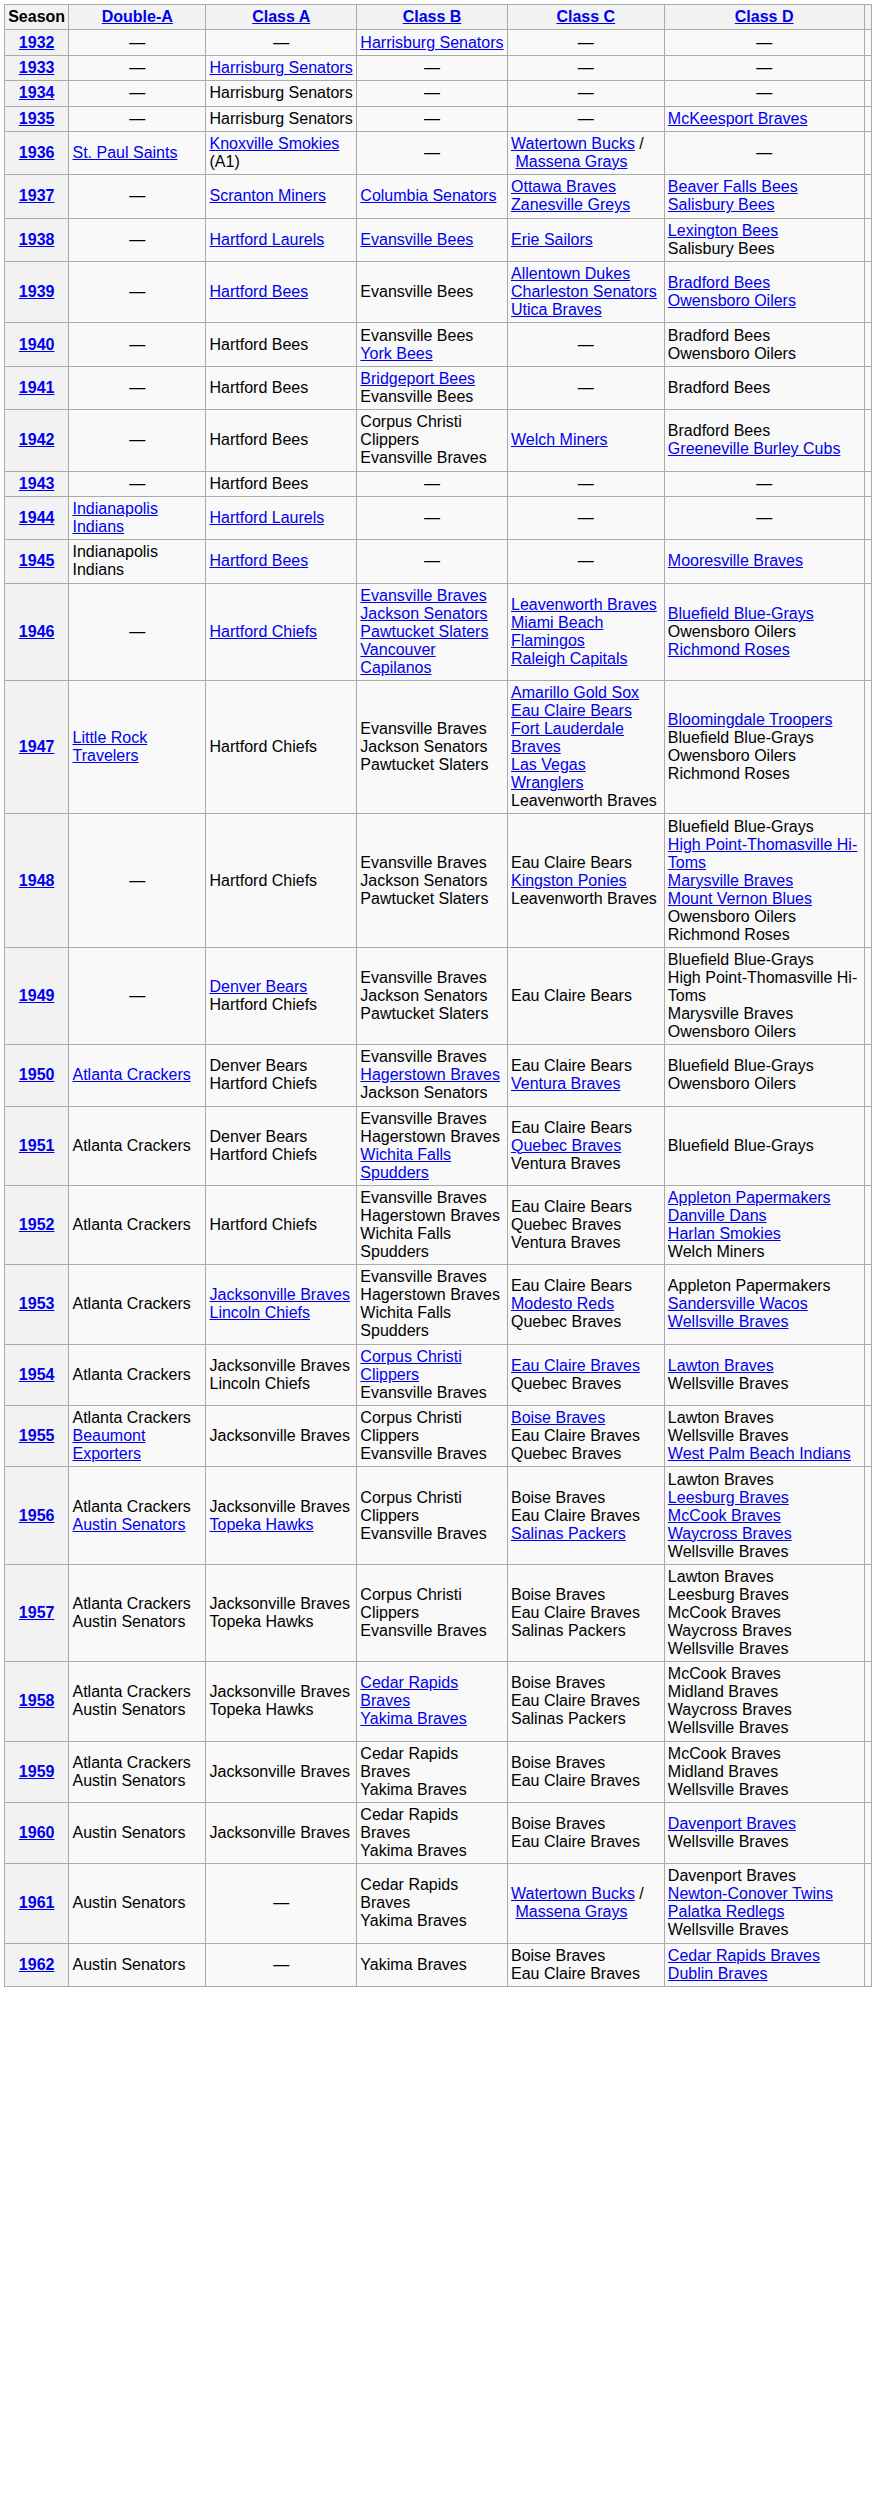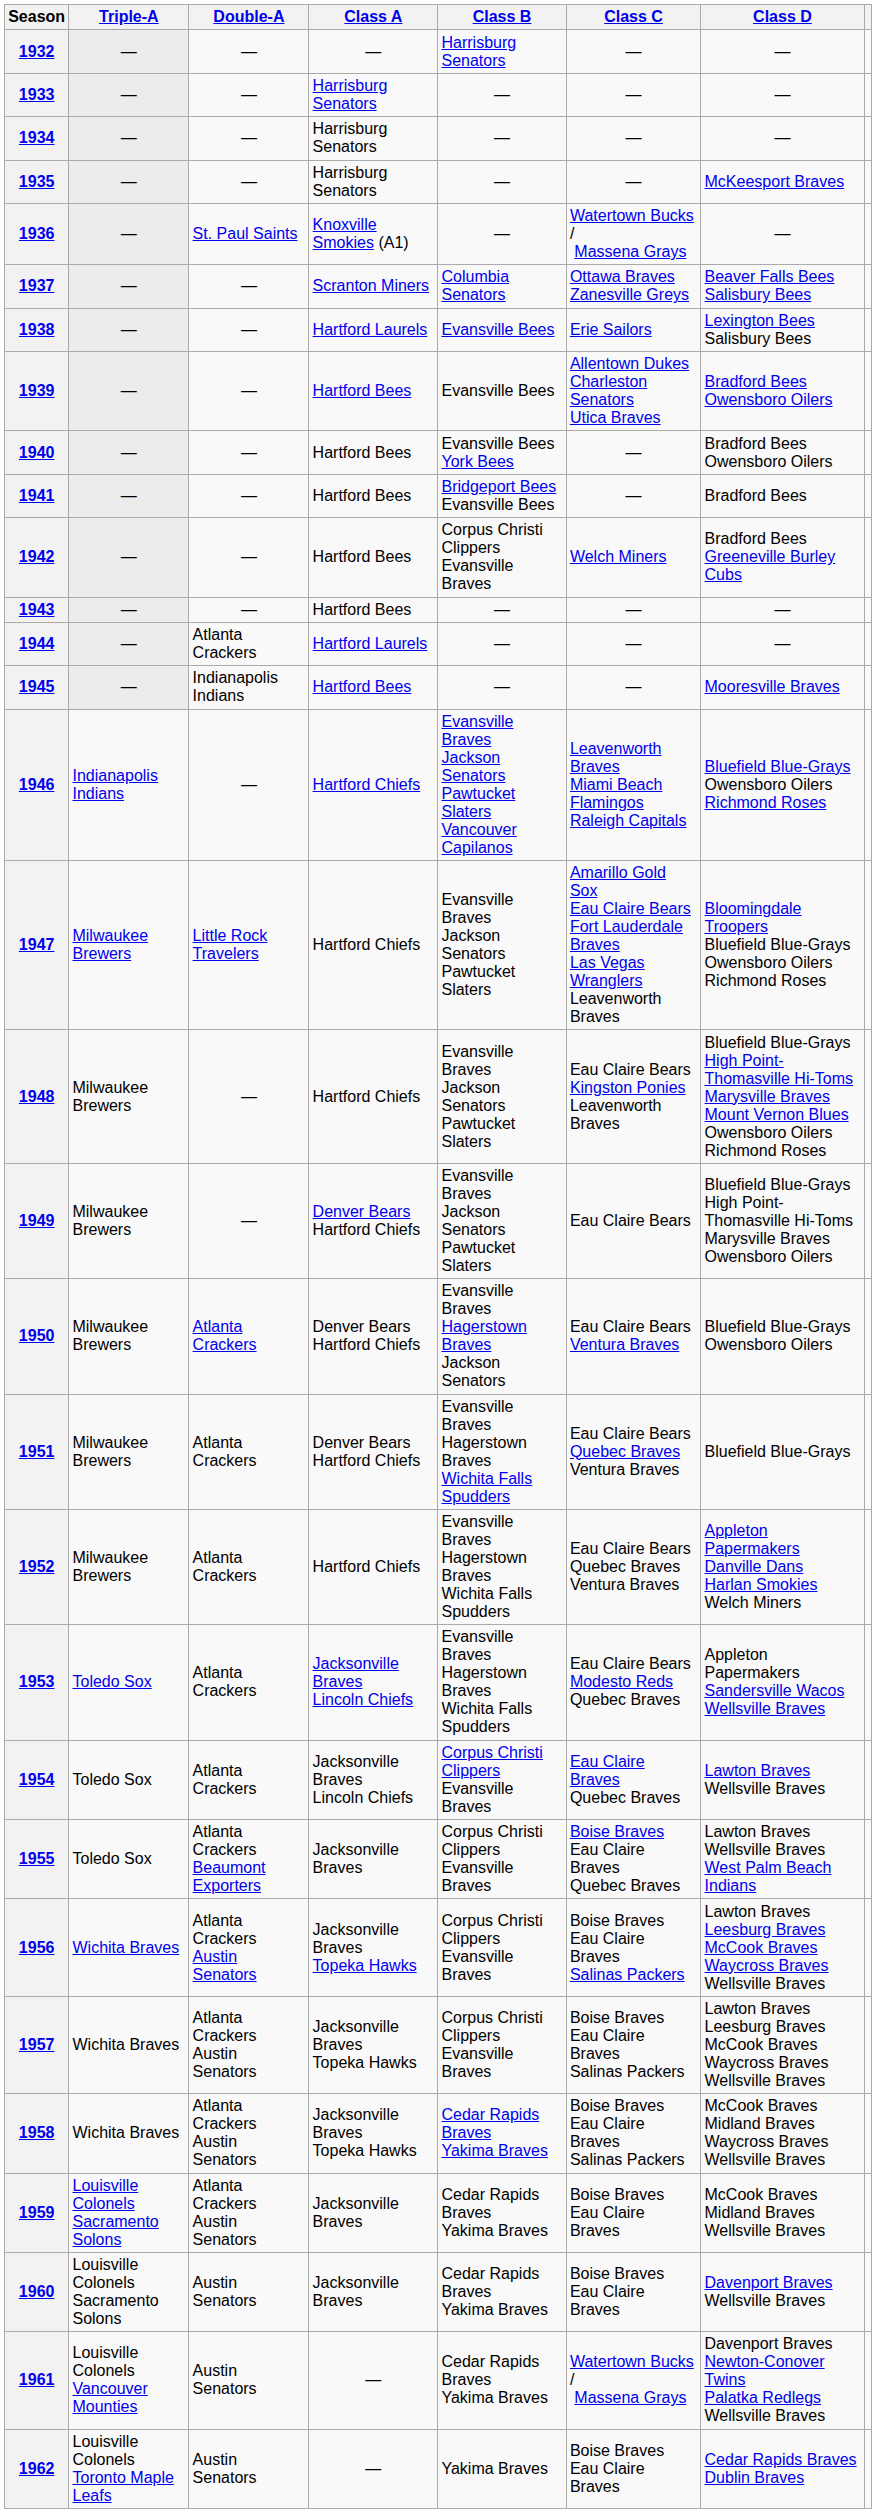 <table class="wikitable plainrowheaders">
 <tr>
 <th scope="col">Season</th>
+<th scope="col"><a href='#'><span>Triple-A</span></a></th>
 <th scope="col"><a href='#'><span>Double-A</span></a></th>
 <th scope="col"><a href='#'><span>Class A</span></a></th>
 <th scope="col"><a href='#'><span>Class B</span></a></th>
 <th scope="col"><a href='#'><span>Class C</span></a></th>
 <th scope="col"><a href='#'><span>Class D</span></a></th>
 <th scope="col"></th>
 </tr>
 <tr>
 <th scope="row" style="text-align:center"><a href='#'>1932</a></th>
+<td style="background:#ececec" align="center">—</td>
 <td align="center">—</td>
 <td align="center">—</td>
 <td><a href='#'>Harrisburg Senators</a></td>
 <td align="center">—</td>
 <td align="center">—</td>
 <td align="center"></td>
 </tr>
 <tr>
 <th scope="row" style="text-align:center"><a href='#'>1933</a></th>
+<td style="background:#ececec" align="center">—</td>
 <td align="center">—</td>
 <td><a href='#'>Harrisburg Senators</a></td>
 <td align="center">—</td>
 <td align="center">—</td>
 <td align="center">—</td>
 <td align="center"></td>
 </tr>
 <tr>
 <th scope="row" style="text-align:center"><a href='#'>1934</a></th>
+<td style="background:#ececec" align="center">—</td>
 <td align="center">—</td>
 <td>Harrisburg Senators</td>
 <td align="center">—</td>
 <td align="center">—</td>
 <td align="center">—</td>
 <td align="center"></td>
 </tr>
 <tr>
 <th scope="row" style="text-align:center"><a href='#'>1935</a></th>
+<td style="background:#ececec" align="center">—</td>
 <td align="center">—</td>
 <td>Harrisburg Senators</td>
 <td align="center">—</td>
 <td align="center">—</td>
 <td><a href='#'>McKeesport Braves</a></td>
 <td align="center"></td>
 </tr>
 <tr>
 <th scope="row" style="text-align:center"><a href='#'>1936</a></th>
+<td style="background:#ececec" align="center">—</td>
 <td><a href='#'>St. Paul Saints</a></td>
 <td><a href='#'>Knoxville Smokies</a> (A1)</td>
 <td align="center">—</td>
 <td><a href='#'>Watertown Bucks</a> /<br> <a href='#'>Massena Grays</a></td>
 <td align="center">—</td>
 <td align="center"></td>
 </tr>
 <tr>
 <th scope="row" style="text-align:center"><a href='#'>1937</a></th>
+<td style="background:#ececec" align="center">—</td>
 <td align="center">—</td>
 <td><a href='#'>Scranton Miners</a></td>
 <td><a href='#'>Columbia Senators</a></td>
 <td><a href='#'>Ottawa Braves</a><br><a href='#'>Zanesville Greys</a></td>
 <td><a href='#'>Beaver Falls Bees</a><br><a href='#'>Salisbury Bees</a></td>
 <td align="center"></td>
 </tr>
 <tr>
 <th scope="row" style="text-align:center"><a href='#'>1938</a></th>
+<td style="background:#ececec" align="center">—</td>
 <td align="center">—</td>
 <td><a href='#'>Hartford Laurels</a></td>
 <td><a href='#'>Evansville Bees</a></td>
 <td><a href='#'>Erie Sailors</a></td>
 <td><a href='#'>Lexington Bees</a><br>Salisbury Bees</td>
 <td align="center"></td>
 </tr>
 <tr>
 <th scope="row" style="text-align:center"><a href='#'>1939</a></th>
+<td style="background:#ececec" align="center">—</td>
 <td align="center">—</td>
 <td><a href='#'>Hartford Bees</a></td>
 <td>Evansville Bees</td>
 <td><a href='#'>Allentown Dukes</a><br><a href='#'>Charleston Senators</a><br><a href='#'>Utica Braves</a></td>
 <td><a href='#'>Bradford Bees</a><br><a href='#'>Owensboro Oilers</a></td>
 <td align="center"></td>
 </tr>
 <tr>
 <th scope="row" style="text-align:center"><a href='#'>1940</a></th>
+<td style="background:#ececec" align="center">—</td>
 <td align="center">—</td>
 <td>Hartford Bees</td>
 <td>Evansville Bees<br><a href='#'>York Bees</a></td>
 <td align="center">—</td>
 <td>Bradford Bees<br>Owensboro Oilers</td>
 <td align="center"></td>
 </tr>
 <tr>
 <th scope="row" style="text-align:center"><a href='#'>1941</a></th>
+<td style="background:#ececec" align="center">—</td>
 <td align="center">—</td>
 <td>Hartford Bees</td>
 <td><a href='#'>Bridgeport Bees</a><br>Evansville Bees</td>
 <td align="center">—</td>
 <td>Bradford Bees</td>
 <td align="center"></td>
 </tr>
 <tr>
 <th scope="row" style="text-align:center"><a href='#'>1942</a></th>
+<td style="background:#ececec" align="center">—</td>
 <td align="center">—</td>
 <td>Hartford Bees</td>
 <td>Corpus Christi Clippers<br>Evansville Braves</td>
 <td><a href='#'>Welch Miners</a></td>
 <td>Bradford Bees<br><a href='#'>Greeneville Burley Cubs</a></td>
 <td align="center"></td>
 </tr>
 <tr>
 <th scope="row" style="text-align:center"><a href='#'>1943</a></th>
+<td style="background:#ececec" align="center">—</td>
 <td align="center">—</td>
 <td>Hartford Bees</td>
 <td align="center">—</td>
 <td align="center">—</td>
 <td align="center">—</td>
 <td align="center"></td>
 </tr>
 <tr>
 <th scope="row" style="text-align:center"><a href='#'>1944</a></th>
-<td><a href='#'>Indianapolis Indians</a></td>
+<td style="background:#ececec" align="center">—</td>
+<td>Atlanta Crackers</td>
 <td><a href='#'>Hartford Laurels</a></td>
 <td align="center">—</td>
 <td align="center">—</td>
 <td align="center">—</td>
 <td align="center"></td>
 </tr>
 <tr>
 <th scope="row" style="text-align:center"><a href='#'>1945</a></th>
+<td style="background:#ececec" align="center">—</td>
 <td>Indianapolis Indians</td>
 <td><a href='#'>Hartford Bees</a></td>
 <td align="center">—</td>
 <td align="center">—</td>
 <td><a href='#'>Mooresville Braves</a></td>
 <td align="center"></td>
 </tr>
 <tr>
 <th scope="row" style="text-align:center"><a href='#'>1946</a></th>
+<td><a href='#'>Indianapolis Indians</a></td>
 <td align="center">—</td>
 <td><a href='#'>Hartford Chiefs</a></td>
 <td><a href='#'>Evansville Braves</a><br><a href='#'>Jackson Senators</a><br><a href='#'>Pawtucket Slaters</a><br><a href='#'>Vancouver Capilanos</a></td>
 <td><a href='#'>Leavenworth Braves</a><br><a href='#'>Miami Beach Flamingos</a><br><a href='#'>Raleigh Capitals</a></td>
 <td><a href='#'>Bluefield Blue-Grays</a><br>Owensboro Oilers<br><a href='#'>Richmond Roses</a></td>
 <td align="center"></td>
 </tr>
 <tr>
 <th scope="row" style="text-align:center"><a href='#'>1947</a></th>
+<td><a href='#'>Milwaukee Brewers</a></td>
 <td><a href='#'>Little Rock Travelers</a></td>
 <td>Hartford Chiefs</td>
 <td>Evansville Braves<br>Jackson Senators<br>Pawtucket Slaters</td>
 <td><a href='#'>Amarillo Gold Sox</a><br><a href='#'>Eau Claire Bears</a><br><a href='#'>Fort Lauderdale Braves</a><br><a href='#'>Las Vegas Wranglers</a><br>Leavenworth Braves</td>
 <td><a href='#'>Bloomingdale Troopers</a><br>Bluefield Blue-Grays<br>Owensboro Oilers<br>Richmond Roses</td>
 <td align="center"></td>
 </tr>
 <tr>
 <th scope="row" style="text-align:center"><a href='#'>1948</a></th>
+<td>Milwaukee Brewers</td>
 <td align="center">—</td>
 <td>Hartford Chiefs</td>
 <td>Evansville Braves<br>Jackson Senators<br>Pawtucket Slaters</td>
 <td>Eau Claire Bears<br><a href='#'>Kingston Ponies</a><br>Leavenworth Braves</td>
 <td>Bluefield Blue-Grays<br><a href='#'>High Point-Thomasville Hi-Toms</a><br><a href='#'>Marysville Braves</a><br><a href='#'>Mount Vernon Blues</a><br>Owensboro Oilers<br>Richmond Roses</td>
 <td align="center"></td>
 </tr>
 <tr>
 <th scope="row" style="text-align:center"><a href='#'>1949</a></th>
+<td>Milwaukee Brewers</td>
 <td align="center">—</td>
 <td><a href='#'>Denver Bears</a><br>Hartford Chiefs</td>
 <td>Evansville Braves<br>Jackson Senators<br>Pawtucket Slaters</td>
 <td>Eau Claire Bears</td>
 <td>Bluefield Blue-Grays<br>High Point-Thomasville Hi-Toms<br>Marysville Braves<br>Owensboro Oilers</td>
 <td align="center"></td>
 </tr>
 <tr>
 <th scope="row" style="text-align:center"><a href='#'>1950</a></th>
+<td>Milwaukee Brewers</td>
 <td><a href='#'>Atlanta Crackers</a></td>
 <td>Denver Bears<br>Hartford Chiefs</td>
 <td>Evansville Braves<br><a href='#'>Hagerstown Braves</a><br>Jackson Senators</td>
 <td>Eau Claire Bears<br><a href='#'>Ventura Braves</a></td>
 <td>Bluefield Blue-Grays<br>Owensboro Oilers</td>
 <td align="center"></td>
 </tr>
 <tr>
 <th scope="row" style="text-align:center"><a href='#'>1951</a></th>
+<td>Milwaukee Brewers</td>
 <td>Atlanta Crackers</td>
 <td>Denver Bears<br>Hartford Chiefs</td>
 <td>Evansville Braves<br>Hagerstown Braves<br><a href='#'>Wichita Falls Spudders</a></td>
 <td>Eau Claire Bears<br><a href='#'>Quebec Braves</a><br>Ventura Braves</td>
 <td>Bluefield Blue-Grays</td>
 <td align="center"></td>
 </tr>
 <tr>
 <th scope="row" style="text-align:center"><a href='#'>1952</a></th>
+<td>Milwaukee Brewers</td>
 <td>Atlanta Crackers</td>
 <td>Hartford Chiefs</td>
 <td>Evansville Braves<br>Hagerstown Braves<br>Wichita Falls Spudders</td>
 <td>Eau Claire Bears<br>Quebec Braves<br>Ventura Braves</td>
 <td><a href='#'>Appleton Papermakers</a><br><a href='#'>Danville Dans</a><br><a href='#'>Harlan Smokies</a><br>Welch Miners</td>
 <td align="center"></td>
 </tr>
 <tr>
 <th scope="row" style="text-align:center"><a href='#'>1953</a></th>
+<td><a href='#'>Toledo Sox</a></td>
 <td>Atlanta Crackers</td>
 <td><a href='#'>Jacksonville Braves</a><br><a href='#'>Lincoln Chiefs</a></td>
 <td>Evansville Braves<br>Hagerstown Braves<br>Wichita Falls Spudders</td>
 <td>Eau Claire Bears<br><a href='#'>Modesto Reds</a><br>Quebec Braves</td>
 <td>Appleton Papermakers<br><a href='#'>Sandersville Wacos</a><br><a href='#'>Wellsville Braves</a></td>
 <td align="center"></td>
 </tr>
 <tr>
 <th scope="row" style="text-align:center"><a href='#'>1954</a></th>
+<td>Toledo Sox</td>
 <td>Atlanta Crackers</td>
 <td>Jacksonville Braves<br>Lincoln Chiefs</td>
 <td><a href='#'>Corpus Christi Clippers</a><br>Evansville Braves</td>
 <td><a href='#'>Eau Claire Braves</a><br>Quebec Braves</td>
 <td><a href='#'>Lawton Braves</a><br>Wellsville Braves</td>
 <td align="center"></td>
 </tr>
 <tr>
 <th scope="row" style="text-align:center"><a href='#'>1955</a></th>
+<td>Toledo Sox</td>
 <td>Atlanta Crackers<br><a href='#'>Beaumont Exporters</a></td>
 <td>Jacksonville Braves</td>
 <td>Corpus Christi Clippers<br>Evansville Braves</td>
 <td><a href='#'>Boise Braves</a><br>Eau Claire Braves<br>Quebec Braves</td>
 <td>Lawton Braves<br>Wellsville Braves<br><a href='#'>West Palm Beach Indians</a></td>
 <td align="center"></td>
 </tr>
 <tr>
 <th scope="row" style="text-align:center"><a href='#'>1956</a></th>
+<td><a href='#'>Wichita Braves</a></td>
 <td>Atlanta Crackers<br><a href='#'>Austin Senators</a></td>
 <td>Jacksonville Braves<br><a href='#'>Topeka Hawks</a></td>
 <td>Corpus Christi Clippers<br>Evansville Braves</td>
 <td>Boise Braves<br>Eau Claire Braves<br><a href='#'>Salinas Packers</a></td>
 <td>Lawton Braves<br><a href='#'>Leesburg Braves</a><br><a href='#'>McCook Braves</a><br><a href='#'>Waycross Braves</a><br>Wellsville Braves</td>
 <td align="center"></td>
 </tr>
 <tr>
 <th scope="row" style="text-align:center"><a href='#'>1957</a></th>
+<td>Wichita Braves</td>
 <td>Atlanta Crackers<br>Austin Senators</td>
 <td>Jacksonville Braves<br>Topeka Hawks</td>
 <td>Corpus Christi Clippers<br>Evansville Braves</td>
 <td>Boise Braves<br>Eau Claire Braves<br>Salinas Packers</td>
 <td>Lawton Braves<br>Leesburg Braves<br>McCook Braves<br>Waycross Braves<br>Wellsville Braves</td>
 <td align="center"></td>
 </tr>
 <tr>
 <th scope="row" style="text-align:center"><a href='#'>1958</a></th>
+<td>Wichita Braves</td>
 <td>Atlanta Crackers<br>Austin Senators</td>
 <td>Jacksonville Braves<br>Topeka Hawks</td>
 <td><a href='#'>Cedar Rapids Braves</a><br><a href='#'>Yakima Braves</a></td>
 <td>Boise Braves<br>Eau Claire Braves<br>Salinas Packers</td>
 <td>McCook Braves<br>Midland Braves<br>Waycross Braves<br>Wellsville Braves</td>
 <td align="center"></td>
 </tr>
 <tr>
 <th scope="row" style="text-align:center"><a href='#'>1959</a></th>
+<td><a href='#'>Louisville Colonels</a><br><a href='#'>Sacramento Solons</a></td>
 <td>Atlanta Crackers<br>Austin Senators</td>
 <td>Jacksonville Braves</td>
 <td>Cedar Rapids Braves<br>Yakima Braves</td>
 <td>Boise Braves<br>Eau Claire Braves</td>
 <td>McCook Braves<br>Midland Braves<br>Wellsville Braves</td>
 <td align="center"></td>
 </tr>
 <tr>
 <th scope="row" style="text-align:center"><a href='#'>1960</a></th>
+<td>Louisville Colonels<br>Sacramento Solons</td>
 <td>Austin Senators</td>
 <td>Jacksonville Braves</td>
 <td>Cedar Rapids Braves<br>Yakima Braves</td>
 <td>Boise Braves<br>Eau Claire Braves</td>
 <td><a href='#'>Davenport Braves</a><br>Wellsville Braves</td>
 <td align="center"></td>
 </tr>
 <tr>
 <th scope="row" style="text-align:center"><a href='#'>1961</a></th>
+<td>Louisville Colonels<br><a href='#'>Vancouver Mounties</a></td>
 <td>Austin Senators</td>
 <td align="center">—</td>
 <td>Cedar Rapids Braves<br>Yakima Braves</td>
 <td><a href='#'>Watertown Bucks</a> /<br> <a href='#'>Massena Grays</a></td>
 <td>Davenport Braves<br><a href='#'>Newton-Conover Twins</a><br><a href='#'>Palatka Redlegs</a><br>Wellsville Braves</td>
 <td align="center"></td>
 </tr>
 <tr>
 <th scope="row" style="text-align:center"><a href='#'>1962</a></th>
+<td>Louisville Colonels<br><a href='#'>Toronto Maple Leafs</a></td>
 <td>Austin Senators</td>
 <td align="center">—</td>
 <td>Yakima Braves</td>
 <td>Boise Braves<br>Eau Claire Braves</td>
 <td><a href='#'>Cedar Rapids Braves</a><br><a href='#'>Dublin Braves</a></td>
 <td align="center"></td>
 </tr>
 </table>
